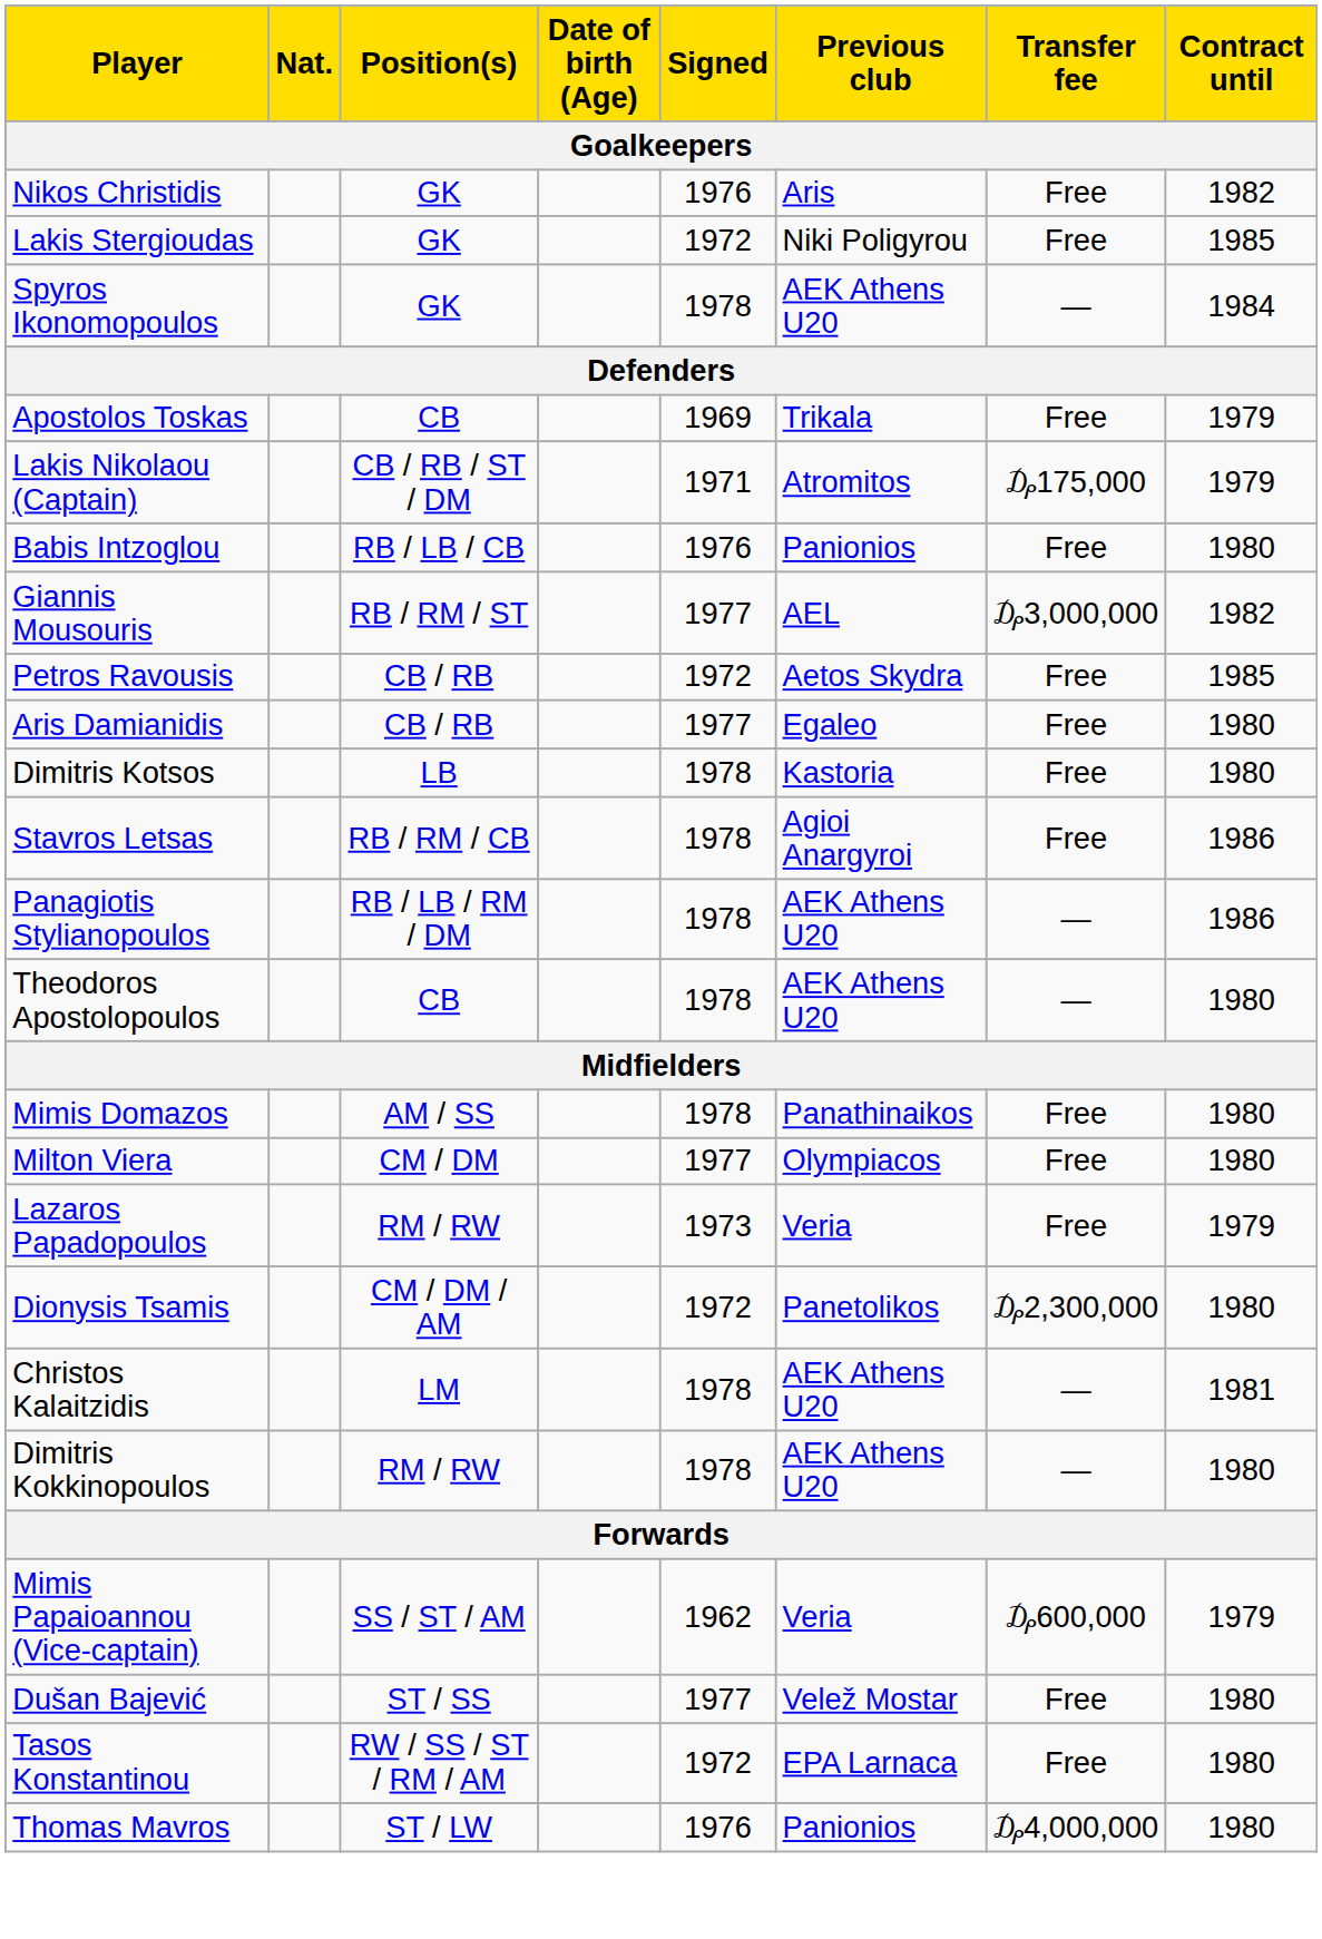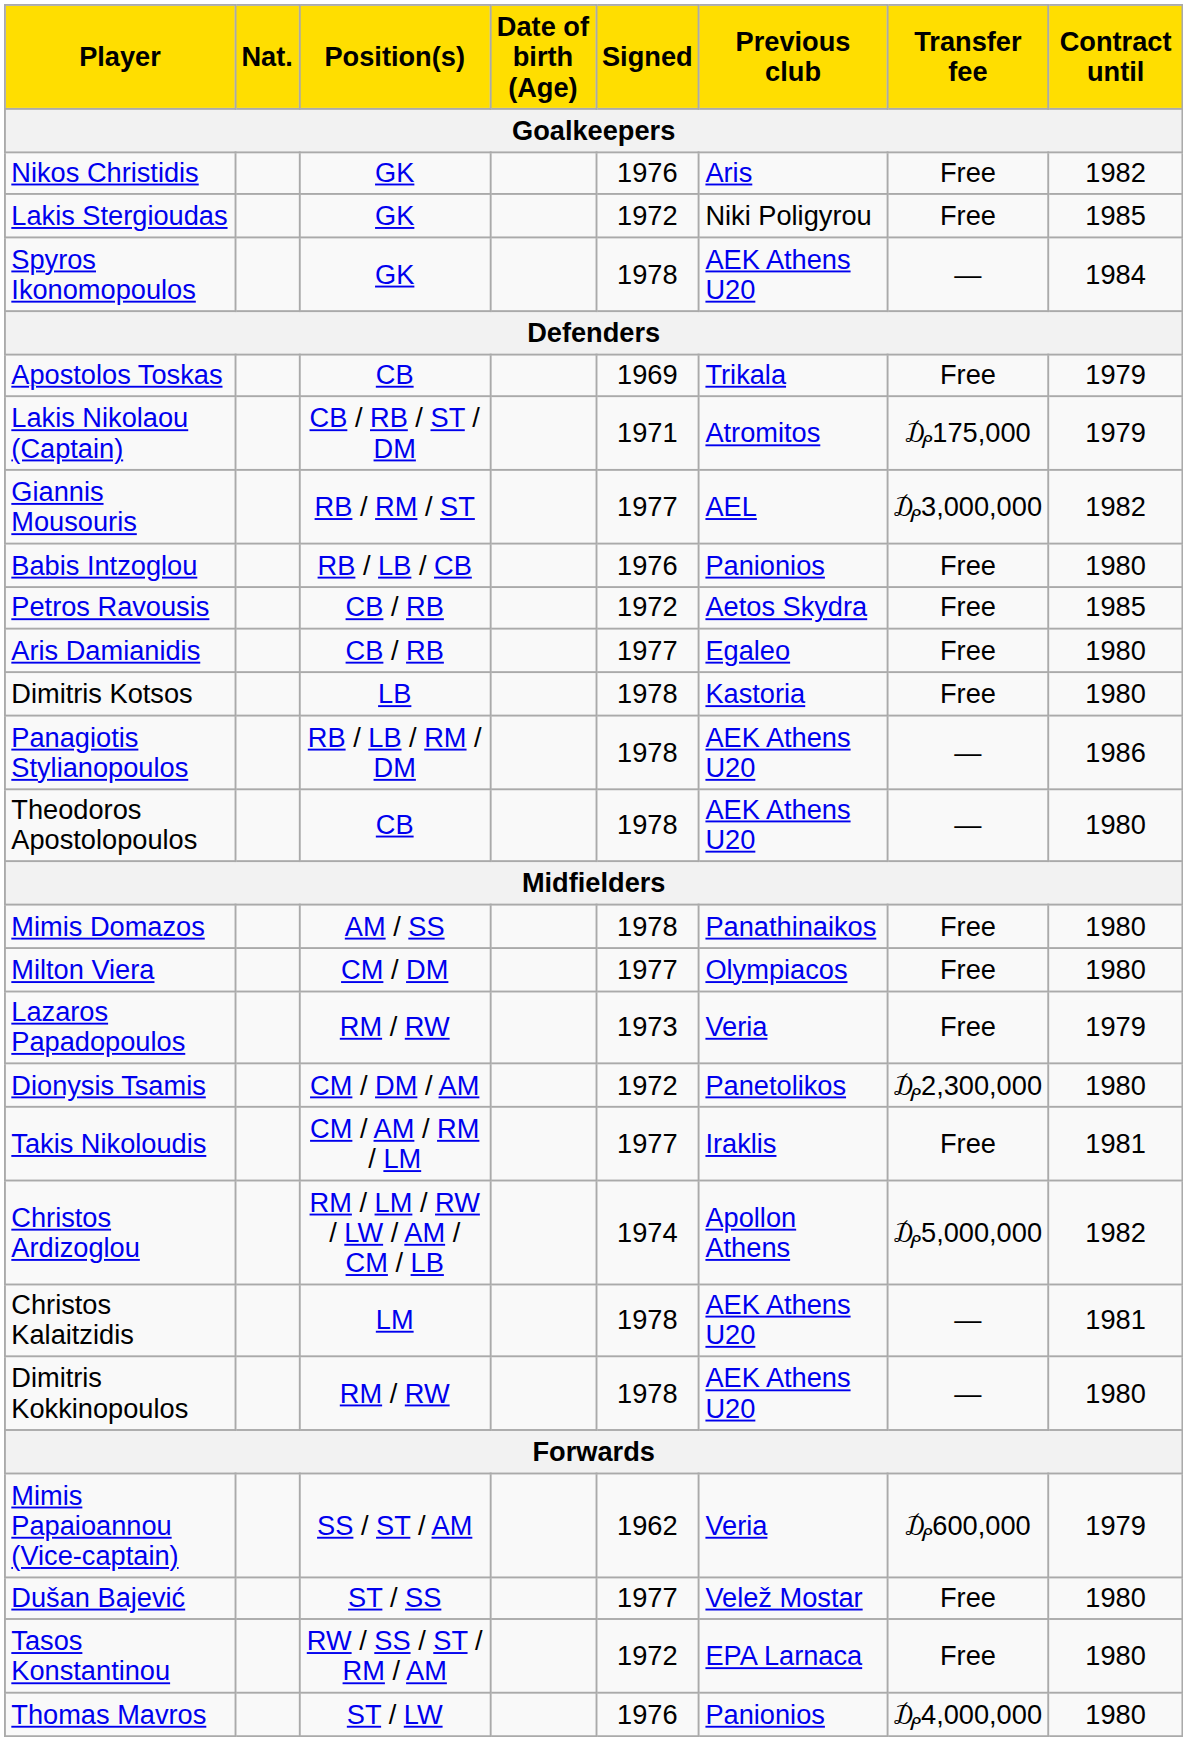 <table class="wikitable" style="text-align:center; font-size:90%;width:100%;">
 <tr>
 <th style="background:#FFDE00">Player</th>
 <th style="background:#FFDE00">Nat.</th>
 <th style="background:#FFDE00">Position(s)</th>
 <th style="background:#FFDE00">Date of birth (Age)</th>
 <th style="background:#FFDE00">Signed</th>
 <th style="background:#FFDE00">Previous club</th>
 <th style="background:#FFDE00">Transfer fee</th>
 <th style="background:#FFDE00">Contract until</th>
 </tr>
 <tr>
 <th colspan="8">Goalkeepers</th>
 </tr>
 <tr>
 <td align=left><a href='#'>Nikos Christidis</a></td>
 <td></td>
 <td><a href='#'>GK</a></td>
 <td></td>
 <td>1976</td>
 <td align=left> <a href='#'>Aris</a></td>
 <td>Free</td>
 <td>1982</td>
 </tr>
 <tr>
 <td align=left><a href='#'>Lakis Stergioudas</a></td>
 <td></td>
 <td><a href='#'>GK</a></td>
 <td></td>
 <td>1972</td>
 <td align=left> Niki Poligyrou</td>
 <td>Free</td>
 <td>1985</td>
 </tr>
 <tr>
 <td align=left><a href='#'>Spyros Ikonomopoulos</a></td>
 <td></td>
 <td><a href='#'>GK</a></td>
 <td></td>
 <td>1978</td>
 <td align=left> <a href='#'>AEK Athens U20</a></td>
 <td>—</td>
 <td>1984</td>
 </tr>
 <tr>
 <th colspan="8">Defenders</th>
 </tr>
 <tr>
 <td align=left><a href='#'>Apostolos Toskas</a></td>
 <td></td>
 <td><a href='#'>CB</a></td>
 <td></td>
 <td>1969</td>
 <td align=left> <a href='#'>Trikala</a></td>
 <td>Free</td>
 <td>1979</td>
 </tr>
 <tr>
 <td align=left><a href='#'>Lakis Nikolaou</a> <a href='#'>(Captain)</a></td>
 <td></td>
 <td><a href='#'>CB</a> / <a href='#'>RB</a> / <a href='#'>ST</a> / <a href='#'>DM</a></td>
 <td></td>
 <td>1971</td>
 <td align=left> <a href='#'>Atromitos</a></td>
 <td>₯175,000</td>
 <td>1979</td>
 </tr>
 <tr>
+<td align=left><a href='#'>Giannis Mousouris</a></td>
+<td></td>
+<td><a href='#'>RB</a> / <a href='#'>RM</a> / <a href='#'>ST</a></td>
+<td></td>
+<td>1977</td>
+<td align=left> <a href='#'>AEL</a></td>
+<td>₯3,000,000</td>
+<td>1982</td>
+</tr>
+<tr>
 <td align=left><a href='#'>Babis Intzoglou</a></td>
 <td></td>
 <td><a href='#'>RB</a> / <a href='#'>LB</a> / <a href='#'>CB</a></td>
 <td></td>
 <td>1976</td>
 <td align=left> <a href='#'>Panionios</a></td>
 <td>Free</td>
 <td>1980</td>
-</tr>
-<tr>
-<td align=left><a href='#'>Giannis Mousouris</a></td>
-<td></td>
-<td><a href='#'>RB</a> / <a href='#'>RM</a> / <a href='#'>ST</a></td>
-<td></td>
-<td>1977</td>
-<td align=left> <a href='#'>AEL</a></td>
-<td>₯3,000,000</td>
-<td>1982</td>
 </tr>
 <tr>
 <td align=left><a href='#'>Petros Ravousis</a></td>
 <td></td>
 <td><a href='#'>CB</a> / <a href='#'>RB</a></td>
 <td></td>
 <td>1972</td>
 <td align=left> <a href='#'>Aetos Skydra</a></td>
 <td>Free</td>
 <td>1985</td>
 </tr>
 <tr>
 <td align=left><a href='#'>Aris Damianidis</a></td>
 <td></td>
 <td><a href='#'>CB</a> / <a href='#'>RB</a></td>
 <td></td>
 <td>1977</td>
 <td align=left> <a href='#'>Egaleo</a></td>
 <td>Free</td>
 <td>1980</td>
 </tr>
 <tr>
 <td align=left>Dimitris Kotsos</td>
 <td></td>
 <td><a href='#'>LB</a></td>
 <td></td>
 <td>1978</td>
 <td align=left> <a href='#'>Kastoria</a></td>
 <td>Free</td>
 <td>1980</td>
-</tr>
-<tr>
-<td align=left><a href='#'>Stavros Letsas</a></td>
-<td></td>
-<td><a href='#'>RB</a> / <a href='#'>RM</a> / <a href='#'>CB</a></td>
-<td></td>
-<td>1978</td>
-<td align=left> <a href='#'>Agioi Anargyroi</a></td>
-<td>Free</td>
-<td>1986</td>
 </tr>
 <tr>
 <td align=left><a href='#'>Panagiotis Stylianopoulos</a></td>
 <td></td>
 <td><a href='#'>RB</a> / <a href='#'>LB</a> / <a href='#'>RM</a> / <a href='#'>DM</a></td>
 <td></td>
 <td>1978</td>
 <td align=left> <a href='#'>AEK Athens U20</a></td>
 <td>—</td>
 <td>1986</td>
 </tr>
 <tr>
 <td align=left>Theodoros Apostolopoulos</td>
 <td></td>
 <td><a href='#'>CB</a></td>
 <td></td>
 <td>1978</td>
 <td align=left> <a href='#'>AEK Athens U20</a></td>
 <td>—</td>
 <td>1980</td>
 </tr>
 <tr>
 <th colspan="8">Midfielders</th>
 </tr>
 <tr>
 <td align=left><a href='#'>Mimis Domazos</a></td>
 <td></td>
 <td><a href='#'>AM</a> / <a href='#'>SS</a></td>
 <td></td>
 <td>1978</td>
 <td align=left> <a href='#'>Panathinaikos</a></td>
 <td>Free</td>
 <td>1980</td>
 </tr>
 <tr>
 <td align=left><a href='#'>Milton Viera</a></td>
 <td></td>
 <td><a href='#'>CM</a> / <a href='#'>DM</a></td>
 <td></td>
 <td>1977</td>
 <td align=left> <a href='#'>Olympiacos</a></td>
 <td>Free</td>
 <td>1980</td>
 </tr>
 <tr>
 <td align=left><a href='#'>Lazaros Papadopoulos</a></td>
 <td></td>
 <td><a href='#'>RM</a> / <a href='#'>RW</a></td>
 <td></td>
 <td>1973</td>
 <td align=left> <a href='#'>Veria</a></td>
 <td>Free</td>
 <td>1979</td>
 </tr>
 <tr>
 <td align=left><a href='#'>Dionysis Tsamis</a></td>
 <td></td>
 <td><a href='#'>CM</a> / <a href='#'>DM</a> / <a href='#'>AM</a></td>
 <td></td>
 <td>1972</td>
 <td align=left> <a href='#'>Panetolikos</a></td>
 <td>₯2,300,000</td>
 <td>1980</td>
 </tr>
 <tr>
+<td align=left><a href='#'>Takis Nikoloudis</a></td>
+<td></td>
+<td><a href='#'>CM</a> / <a href='#'>AM</a> / <a href='#'>RM</a> / <a href='#'>LM</a></td>
+<td></td>
+<td>1977</td>
+<td align=left> <a href='#'>Iraklis</a></td>
+<td>Free</td>
+<td>1981</td>
+</tr>
+<tr>
+<td align=left><a href='#'>Christos Ardizoglou</a></td>
+<td></td>
+<td><a href='#'>RM</a> / <a href='#'>LM</a> / <a href='#'>RW</a> / <a href='#'>LW</a>  / <a href='#'>AM</a> / <a href='#'>CM</a> / <a href='#'>LB</a></td>
+<td></td>
+<td>1974</td>
+<td align=left> <a href='#'>Apollon Athens</a></td>
+<td>₯5,000,000</td>
+<td>1982</td>
+</tr>
+<tr>
 <td align=left>Christos Kalaitzidis</td>
 <td></td>
 <td><a href='#'>LM</a></td>
 <td></td>
 <td>1978</td>
 <td align=left> <a href='#'>AEK Athens U20</a></td>
 <td>—</td>
 <td>1981</td>
 </tr>
 <tr>
 <td align=left>Dimitris Kokkinopoulos</td>
 <td></td>
 <td><a href='#'>RM</a> / <a href='#'>RW</a></td>
 <td></td>
 <td>1978</td>
 <td align=left> <a href='#'>AEK Athens U20</a></td>
 <td>—</td>
 <td>1980</td>
 </tr>
 <tr>
 <th colspan="8">Forwards</th>
 </tr>
 <tr>
 <td align=left><a href='#'>Mimis Papaioannou</a> <a href='#'>(Vice-captain)</a></td>
 <td></td>
 <td><a href='#'>SS</a> / <a href='#'>ST</a> / <a href='#'>AM</a></td>
 <td></td>
 <td>1962</td>
 <td align=left> <a href='#'>Veria</a></td>
 <td>₯600,000</td>
 <td>1979</td>
 </tr>
 <tr>
 <td align=left><a href='#'>Dušan Bajević</a></td>
 <td></td>
 <td><a href='#'>ST</a> / <a href='#'>SS</a></td>
 <td></td>
 <td>1977</td>
 <td align=left> <a href='#'>Velež Mostar</a></td>
 <td>Free</td>
 <td>1980</td>
 </tr>
 <tr>
 <td align=left><a href='#'>Tasos Konstantinou</a></td>
 <td></td>
 <td><a href='#'>RW</a> / <a href='#'>SS</a> / <a href='#'>ST</a> / <a href='#'>RM</a> / <a href='#'>AM</a></td>
 <td></td>
 <td>1972</td>
 <td align=left> <a href='#'>EPA Larnaca</a></td>
 <td>Free</td>
 <td>1980</td>
 </tr>
 <tr>
 <td align=left><a href='#'>Thomas Mavros</a></td>
 <td></td>
 <td><a href='#'>ST</a> / <a href='#'>LW</a></td>
 <td></td>
 <td>1976</td>
 <td align=left> <a href='#'>Panionios</a></td>
 <td>₯4,000,000</td>
 <td>1980</td>
 </tr>
 </table>
